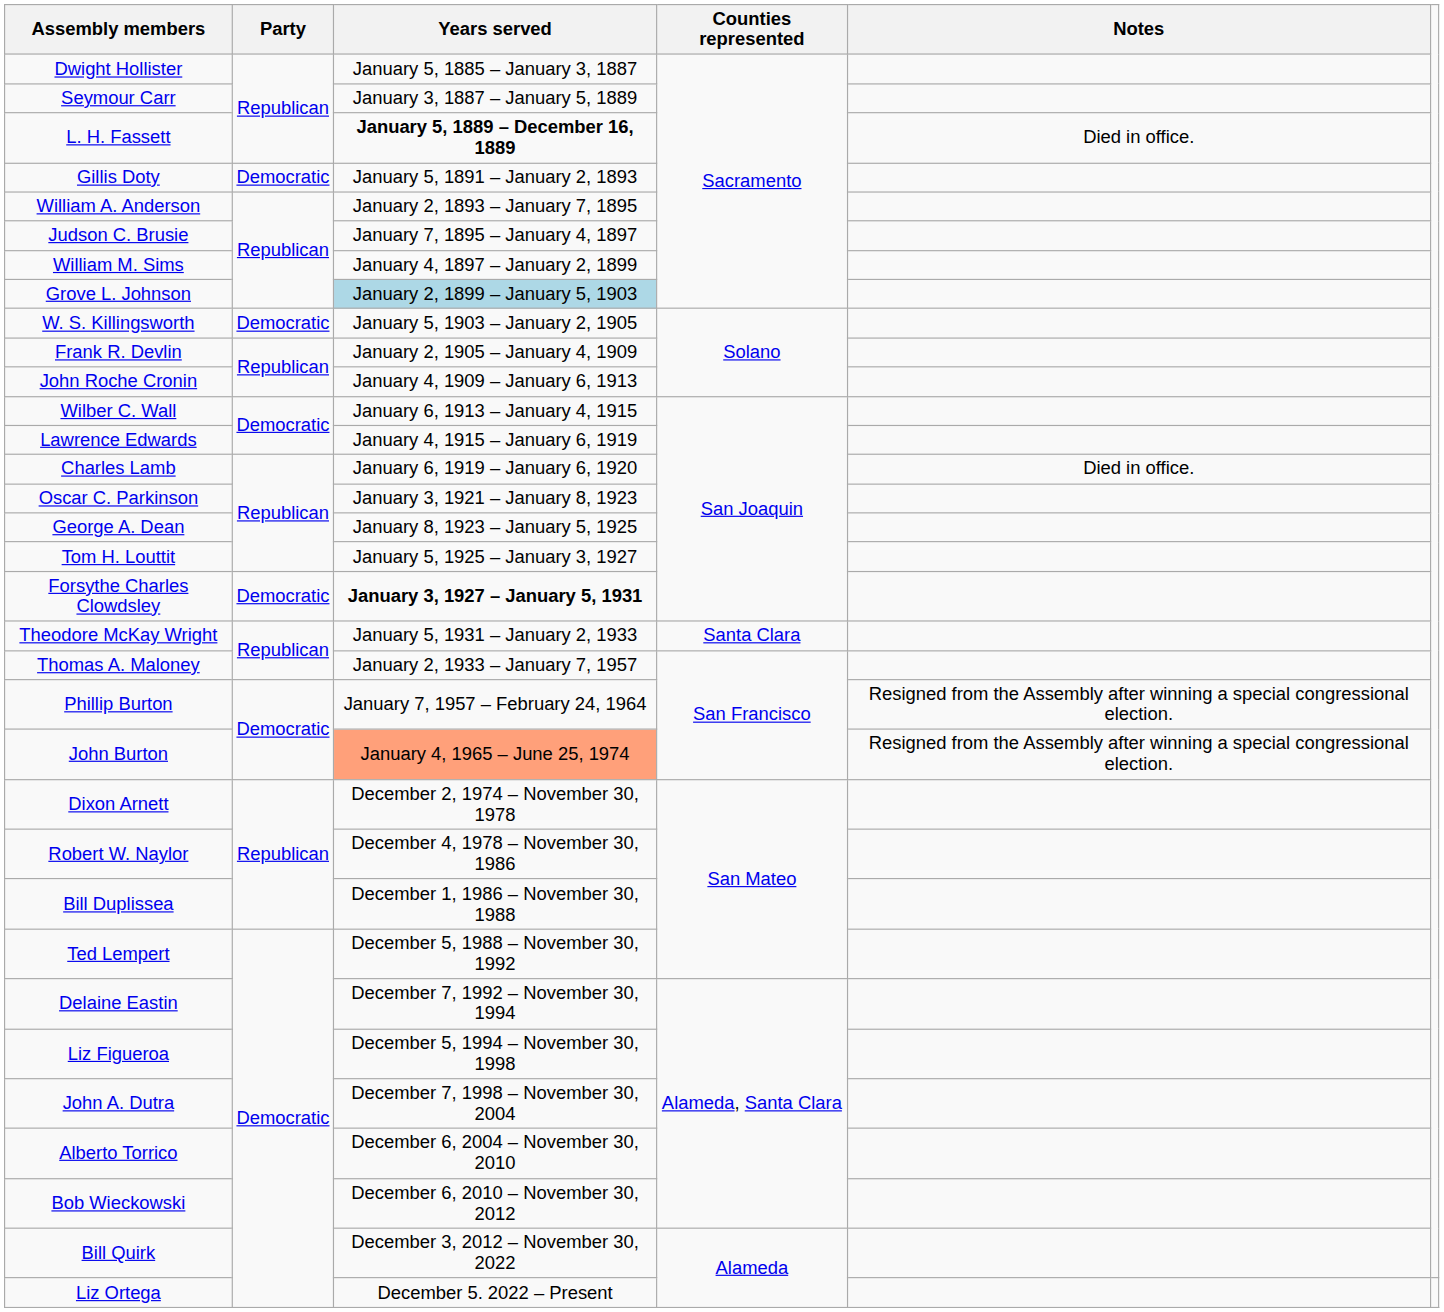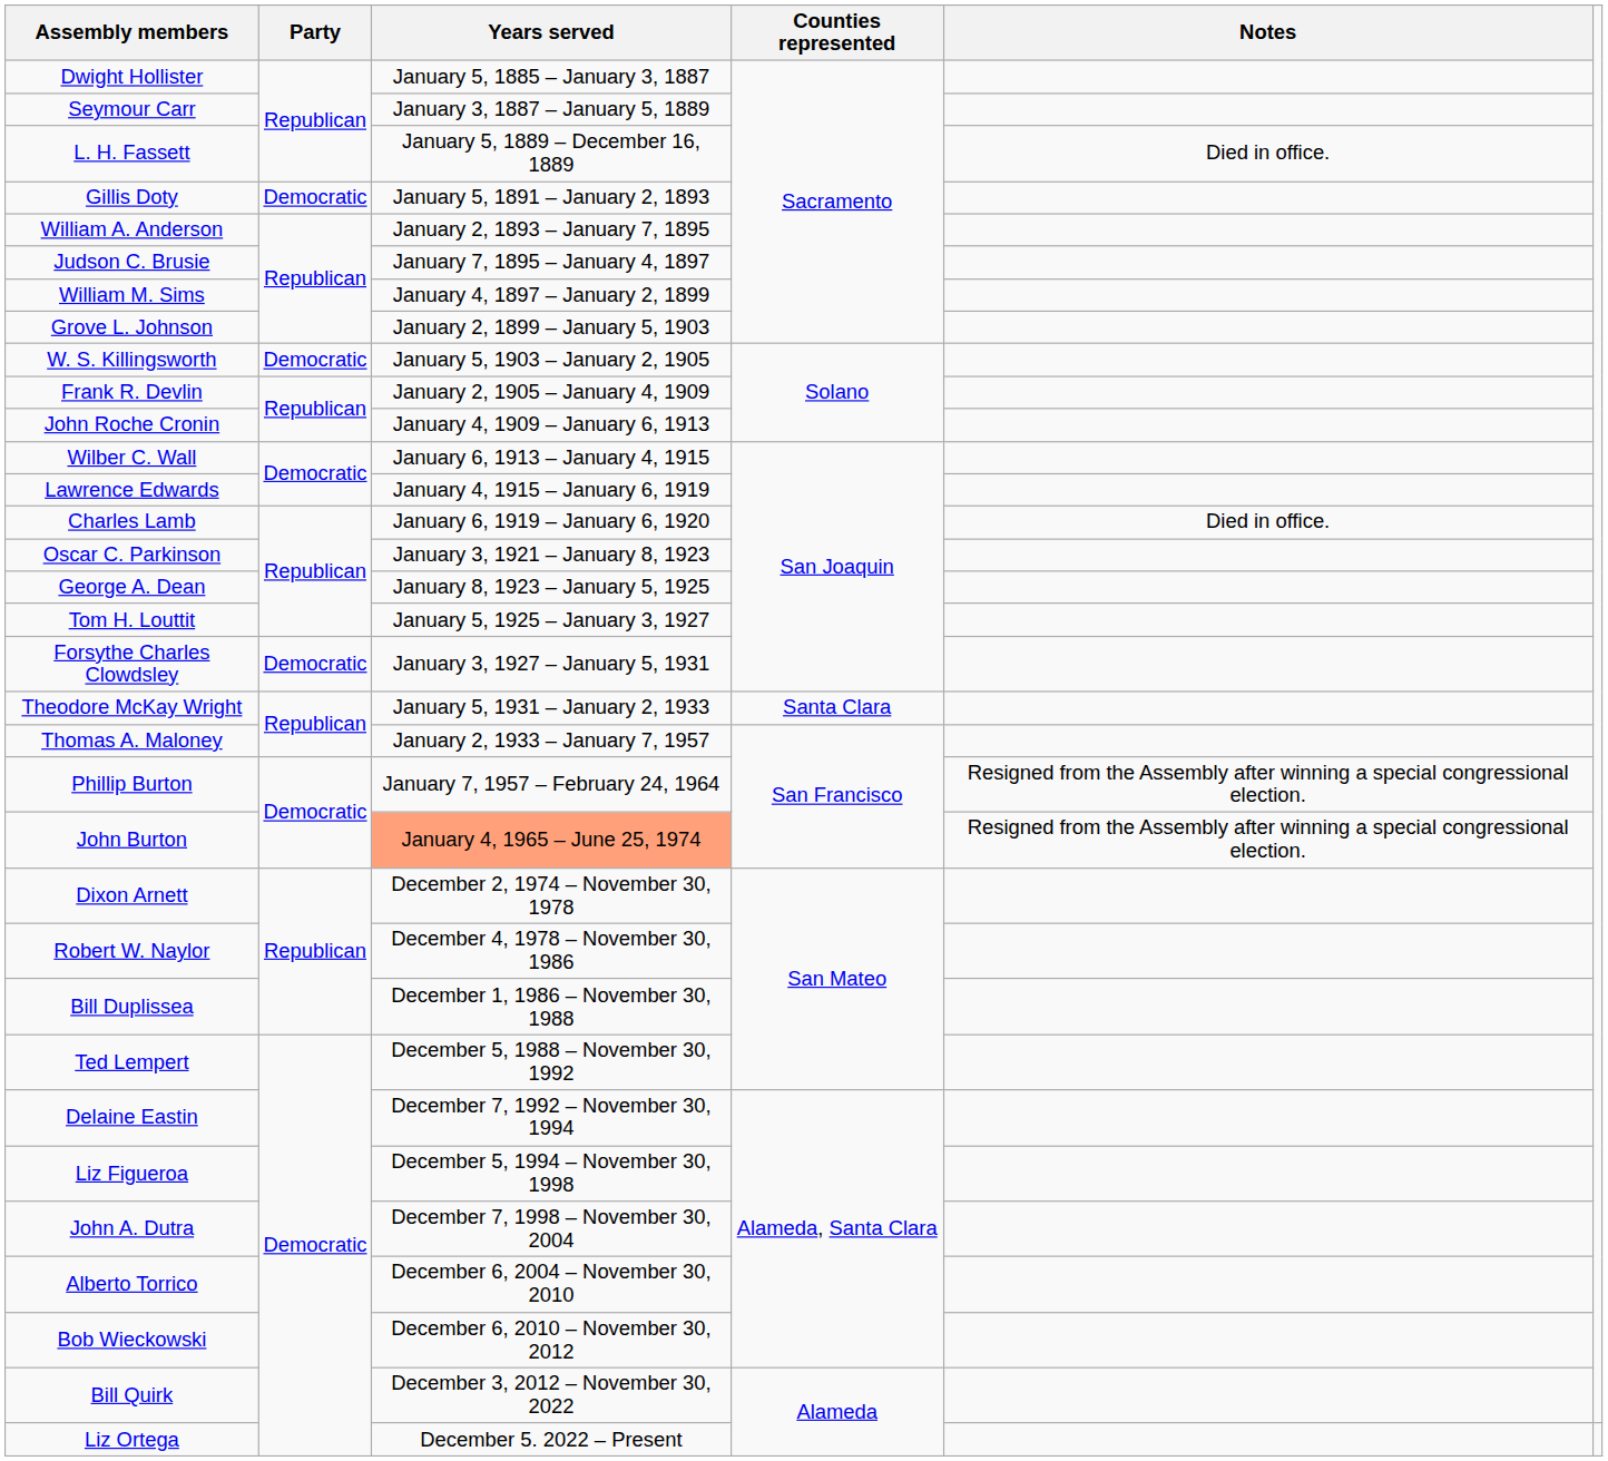 <table class=wikitable style="text-align:center">
 <tr>
 <th>Assembly members</th>
 <th>Party</th>
 <th>Years served</th>
 <th>Counties represented</th>
 <th>Notes</th>
 </tr>
 <tr>
 <td><a href='#'>Dwight Hollister</a></td>
 <td rowspan=3 ><a href='#'>Republican</a></td>
 <td>January 5, 1885 – January 3, 1887</td>
 <td rowspan=8><a href='#'>Sacramento</a></td>
 <td></td>
 </tr>
 <tr>
 <td><a href='#'>Seymour Carr</a></td>
 <td>January 3, 1887 – January 5, 1889</td>
 <td></td>
 </tr>
 <tr>
 <td><a href='#'>L. H. Fassett</a></td>
-<td><strong>January 5, 1889 – December 16, 1889</strong></td>
+<td>January 5, 1889 – December 16, 1889</td>
 <td>Died in office.</td>
 </tr>
 <tr>
 <td><a href='#'>Gillis Doty</a></td>
 <td><a href='#'>Democratic</a></td>
 <td>January 5, 1891 – January 2, 1893</td>
 <td></td>
 </tr>
 <tr>
 <td><a href='#'>William A. Anderson</a></td>
 <td rowspan=4 ><a href='#'>Republican</a></td>
 <td>January 2, 1893 – January 7, 1895</td>
 <td></td>
 </tr>
 <tr>
 <td><a href='#'>Judson C. Brusie</a></td>
 <td>January 7, 1895 – January 4, 1897</td>
 <td></td>
 </tr>
 <tr>
 <td><a href='#'>William M. Sims</a></td>
 <td>January 4, 1897 – January 2, 1899</td>
 <td></td>
 </tr>
 <tr>
 <td><a href='#'>Grove L. Johnson</a></td>
-<td style="background: lightblue;">January 2, 1899 – January 5, 1903</td>
+<td>January 2, 1899 – January 5, 1903</td>
 <td></td>
 </tr>
 <tr>
 <td><a href='#'>W. S. Killingsworth</a></td>
 <td><a href='#'>Democratic</a></td>
 <td>January 5, 1903 – January 2, 1905</td>
 <td rowspan=3><a href='#'>Solano</a></td>
 <td></td>
 </tr>
 <tr>
 <td><a href='#'>Frank R. Devlin</a></td>
 <td rowspan=2 ><a href='#'>Republican</a></td>
 <td>January 2, 1905 – January 4, 1909</td>
 <td></td>
 </tr>
 <tr>
 <td><a href='#'>John Roche Cronin</a></td>
 <td>January 4, 1909 – January 6, 1913</td>
 <td></td>
 </tr>
 <tr>
 <td><a href='#'>Wilber C. Wall</a></td>
 <td rowspan=2 ><a href='#'>Democratic</a></td>
 <td>January 6, 1913 – January 4, 1915</td>
 <td rowspan=7><a href='#'>San Joaquin</a></td>
 <td></td>
 </tr>
 <tr>
 <td><a href='#'>Lawrence Edwards</a></td>
 <td>January 4, 1915 – January 6, 1919</td>
 <td></td>
 </tr>
 <tr>
 <td><a href='#'>Charles Lamb</a></td>
 <td rowspan=4 ><a href='#'>Republican</a></td>
 <td>January 6, 1919 – January 6, 1920</td>
 <td>Died in office.</td>
 </tr>
 <tr>
 <td><a href='#'>Oscar C. Parkinson</a></td>
 <td>January 3, 1921 – January 8, 1923</td>
 <td></td>
 </tr>
 <tr>
 <td><a href='#'>George A. Dean</a></td>
 <td>January 8, 1923 – January 5, 1925</td>
 <td></td>
 </tr>
 <tr>
 <td><a href='#'>Tom H. Louttit</a></td>
 <td>January 5, 1925 – January 3, 1927</td>
 <td></td>
 </tr>
 <tr>
 <td><a href='#'>Forsythe Charles Clowdsley</a></td>
 <td><a href='#'>Democratic</a></td>
-<td><strong>January 3, 1927 – January 5, 1931</strong></td>
+<td>January 3, 1927 – January 5, 1931</td>
 <td></td>
 </tr>
 <tr>
 <td><a href='#'>Theodore McKay Wright</a></td>
 <td rowspan=2 ><a href='#'>Republican</a></td>
 <td>January 5, 1931 – January 2, 1933</td>
 <td><a href='#'>Santa Clara</a></td>
 <td></td>
 </tr>
 <tr>
 <td><a href='#'>Thomas A. Maloney</a></td>
 <td>January 2, 1933 – January 7, 1957</td>
 <td rowspan=3><a href='#'>San Francisco</a></td>
 <td></td>
 </tr>
 <tr>
 <td><a href='#'>Phillip Burton</a></td>
 <td rowspan=2 ><a href='#'>Democratic</a></td>
 <td>January 7, 1957 – February 24, 1964</td>
 <td>Resigned from the Assembly after winning a special congressional election.</td>
 </tr>
 <tr>
 <td><a href='#'>John Burton</a></td>
 <td style="background: lightsalmon;">January 4, 1965 – June 25, 1974</td>
 <td>Resigned from the Assembly after winning a special congressional election.</td>
 </tr>
 <tr>
 <td><a href='#'>Dixon Arnett</a></td>
 <td rowspan=3 ><a href='#'>Republican</a></td>
 <td>December 2, 1974 – November 30, 1978</td>
 <td rowspan=4><a href='#'>San Mateo</a></td>
 <td></td>
 </tr>
 <tr>
 <td><a href='#'>Robert W. Naylor</a></td>
 <td>December 4, 1978 – November 30, 1986</td>
 <td></td>
 </tr>
 <tr>
 <td><a href='#'>Bill Duplissea</a></td>
 <td>December 1, 1986 – November 30, 1988</td>
 <td></td>
 </tr>
 <tr>
 <td><a href='#'>Ted Lempert</a></td>
 <td rowspan=8 ><a href='#'>Democratic</a></td>
 <td>December 5, 1988 – November 30, 1992</td>
 <td></td>
 </tr>
 <tr>
 <td><a href='#'>Delaine Eastin</a></td>
 <td>December 7, 1992 – November 30, 1994</td>
 <td rowspan=5><a href='#'>Alameda</a>, <a href='#'>Santa Clara</a></td>
 <td></td>
 </tr>
 <tr>
 <td><a href='#'>Liz Figueroa</a></td>
 <td>December 5, 1994 – November 30, 1998</td>
 <td></td>
 </tr>
 <tr>
 <td><a href='#'>John A. Dutra</a></td>
 <td>December 7, 1998 – November 30, 2004</td>
 <td></td>
 </tr>
 <tr>
 <td><a href='#'>Alberto Torrico</a></td>
 <td>December 6, 2004 – November 30, 2010</td>
 <td></td>
 </tr>
 <tr>
 <td><a href='#'>Bob Wieckowski</a></td>
 <td>December 6, 2010 – November 30, 2012</td>
 <td></td>
 </tr>
 <tr>
 <td><a href='#'>Bill Quirk</a></td>
 <td>December 3, 2012 – November 30, 2022</td>
 <td rowspan="2"><a href='#'>Alameda</a></td>
 <td></td>
 </tr>
 <tr>
 <td><a href='#'>Liz Ortega</a></td>
 <td>December 5. 2022 – Present</td>
 <td></td>
 <td></td>
 </tr>
 <tr>
 </tr>
 </table>
